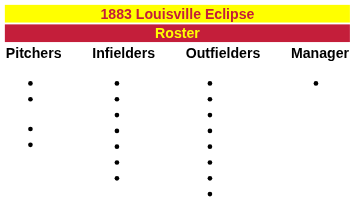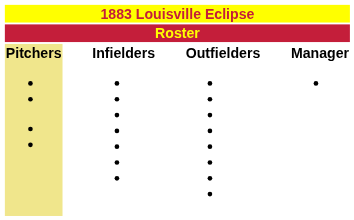 <table class="toccolours" style="font-size: 95%;">
 <tr>
 <th colspan="10" style="background-color: #FFFF00; color: #C41E3A; text-align: center;">1883 Louisville Eclipse</th>
 </tr>
 <tr>
 <td colspan="10" style="background-color: #C41E3A; color: yellow; text-align: center;"><strong>Roster</strong></td>
 </tr>
 <tr>
-<td valign="top"><strong>Pitchers</strong><br><ul><li></li><li></li></ul><ul><li></li><li></li></ul></td>
+<td valign="top" style="background: khaki;"><strong>Pitchers</strong><br><ul><li></li><li></li></ul><ul><li></li><li></li></ul></td>
 <td width="25px"></td>
 <td valign="top"><strong>Infielders</strong><br><ul><li></li><li></li><li></li><li></li><li></li><li></li><li></li></ul></td>
 <td width="25px"></td>
 <td valign="top"><strong>Outfielders</strong><br><ul><li></li><li></li><li></li><li></li><li></li><li></li><li></li><li></li></ul></td>
 <td width="25px"></td>
 <td valign="top"><strong>Manager</strong><br><ul><li></li></ul></td>
 </tr>
 <tr>
 </tr>
 </table>
